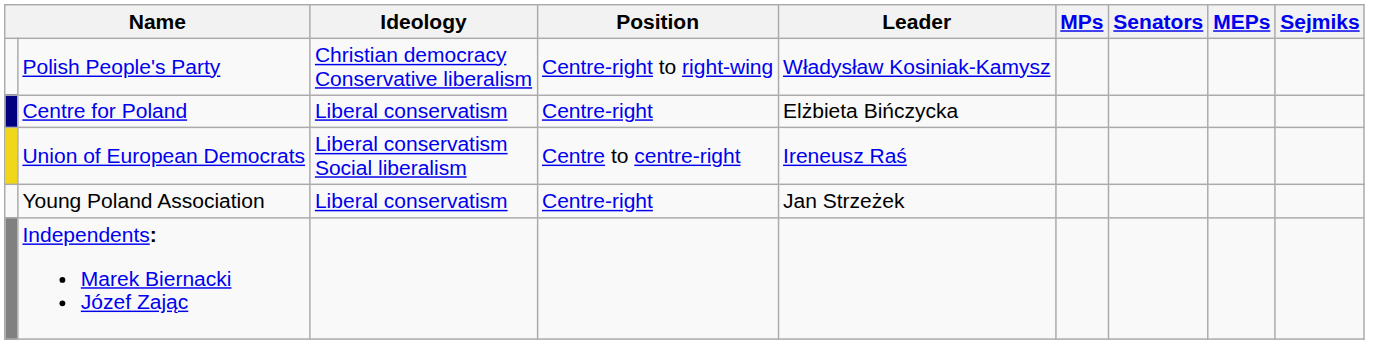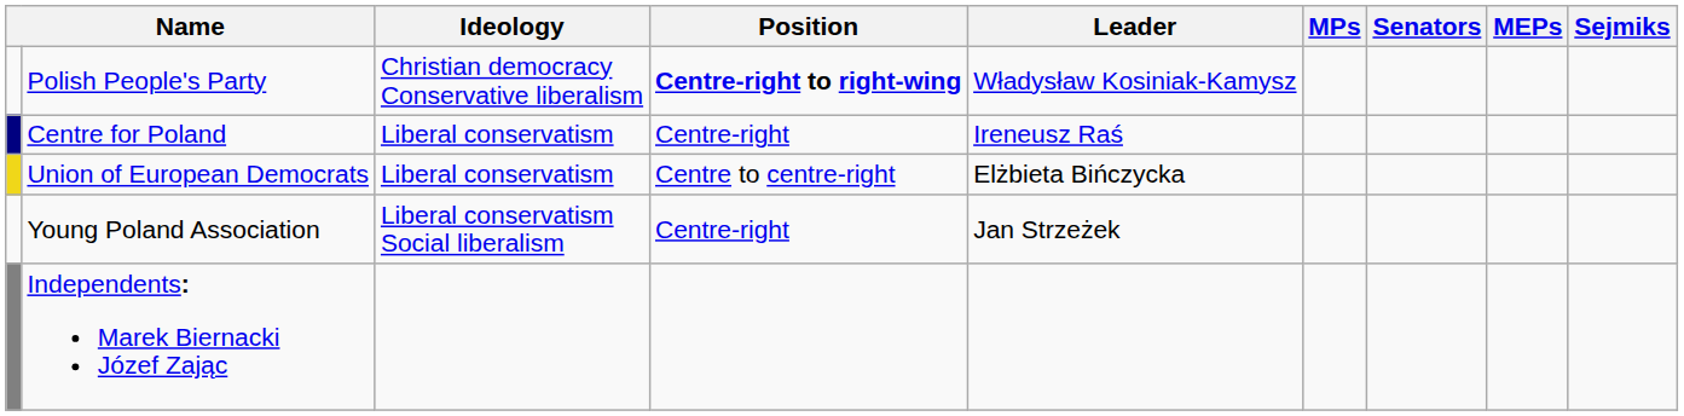 <table class="wikitable" style="font-size:90%;">
 <tr>
 <th colspan="2">Name</th>
 <th>Ideology</th>
 <th>Position</th>
 <th>Leader</th>
 <th><a href='#'>MPs</a></th>
 <th><a href='#'>Senators</a></th>
 <th><a href='#'>MEPs</a></th>
 <th><a href='#'>Sejmiks</a></th>
 </tr>
 <tr>
 <td style="width:2px;background:"></td>
 <td><a href='#'>Polish People's Party</a></td>
 <td><a href='#'>Christian democracy</a><br><a href='#'>Conservative liberalism</a></td>
-<td><a href='#'>Centre-right</a> to <a href='#'>right-wing</a></td>
+<td><strong><a href='#'>Centre-right</a> to <a href='#'>right-wing</a></strong></td>
 <td><a href='#'>Władysław Kosiniak-Kamysz</a></td>
 <td></td>
 <td></td>
 <td></td>
 <td></td>
 </tr>
 <tr>
 <td style="width:2px;background:#000080;"></td>
 <td><a href='#'>Centre for Poland</a></td>
 <td><a href='#'>Liberal conservatism</a></td>
 <td><a href='#'>Centre-right</a></td>
-<td>Elżbieta Bińczycka</td>
+<td><a href='#'>Ireneusz Raś</a></td>
 <td></td>
 <td></td>
 <td></td>
 <td></td>
 </tr>
 <tr>
 <td style="width:2px;background:#F0D719;"></td>
 <td><a href='#'>Union of European Democrats</a></td>
-<td><a href='#'>Liberal conservatism</a><br><a href='#'>Social liberalism</a></td>
+<td><a href='#'>Liberal conservatism</a></td>
 <td><a href='#'>Centre</a> to <a href='#'>centre-right</a></td>
-<td><a href='#'>Ireneusz Raś</a></td>
+<td>Elżbieta Bińczycka</td>
 <td></td>
 <td></td>
 <td></td>
 <td></td>
 </tr>
 <tr>
 <td style="width:2px;background:"></td>
 <td>Young Poland Association</td>
-<td><a href='#'>Liberal conservatism</a></td>
+<td><a href='#'>Liberal conservatism</a><br><a href='#'>Social liberalism</a></td>
 <td><a href='#'>Centre-right</a></td>
 <td>Jan Strzeżek</td>
 <td></td>
 <td></td>
 <td></td>
 <td></td>
 </tr>
 <tr>
 <td style="width:2px;background:grey;"></td>
 <td><a href='#'>Independents</a><strong>:</strong><br><ul><li><a href='#'>Marek Biernacki</a></li><li><a href='#'>Józef Zając</a></li></ul></td>
 <td></td>
 <td></td>
 <td></td>
 <td></td>
 <td></td>
 <td></td>
 <td></td>
 </tr>
 </table>
